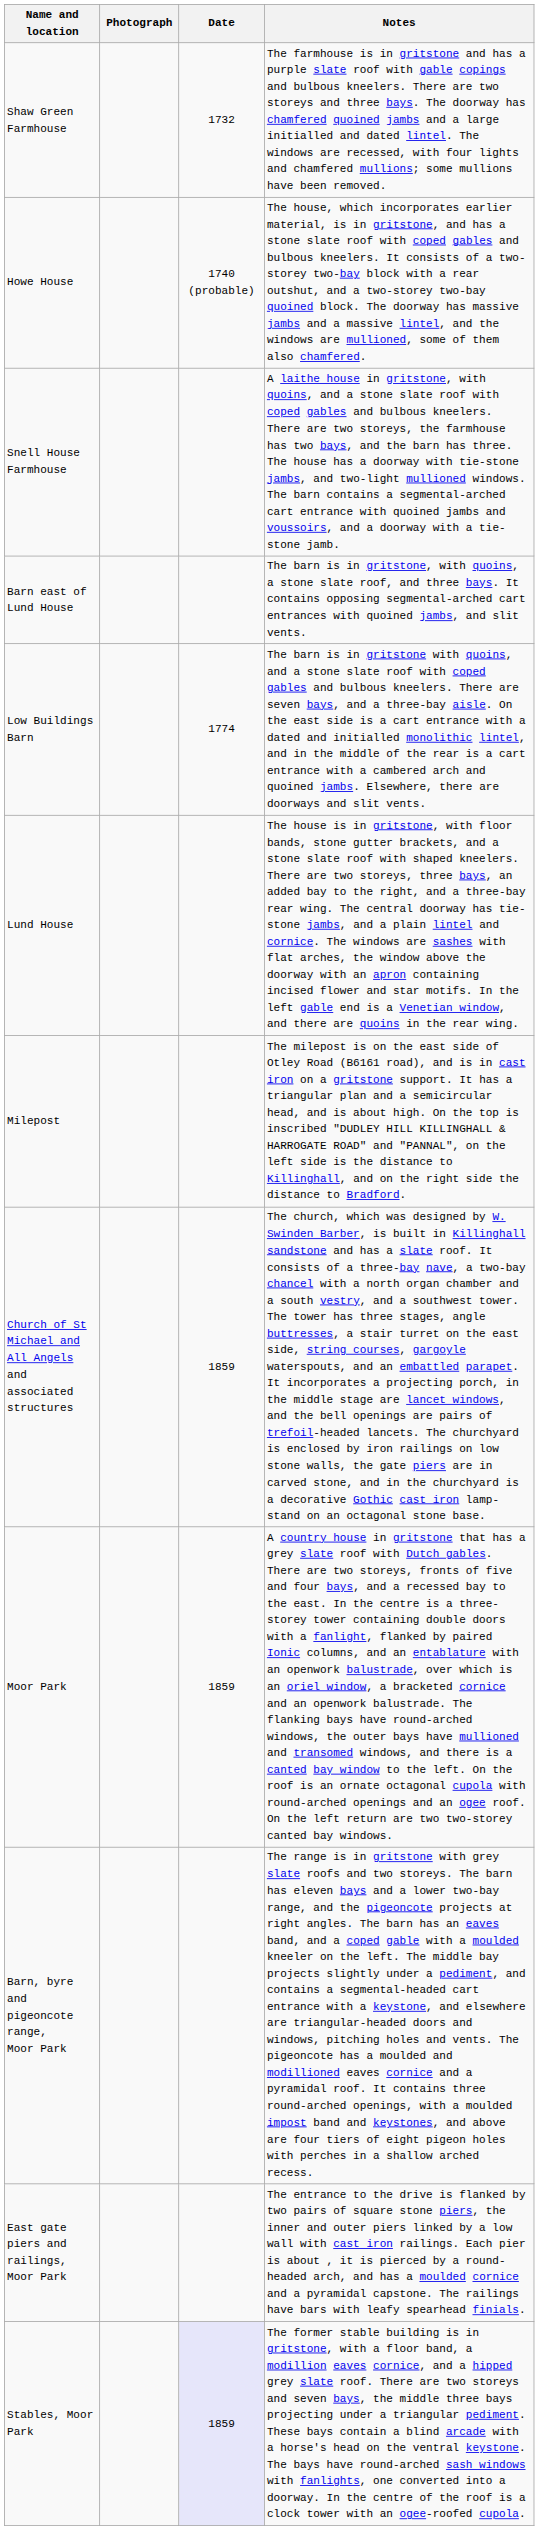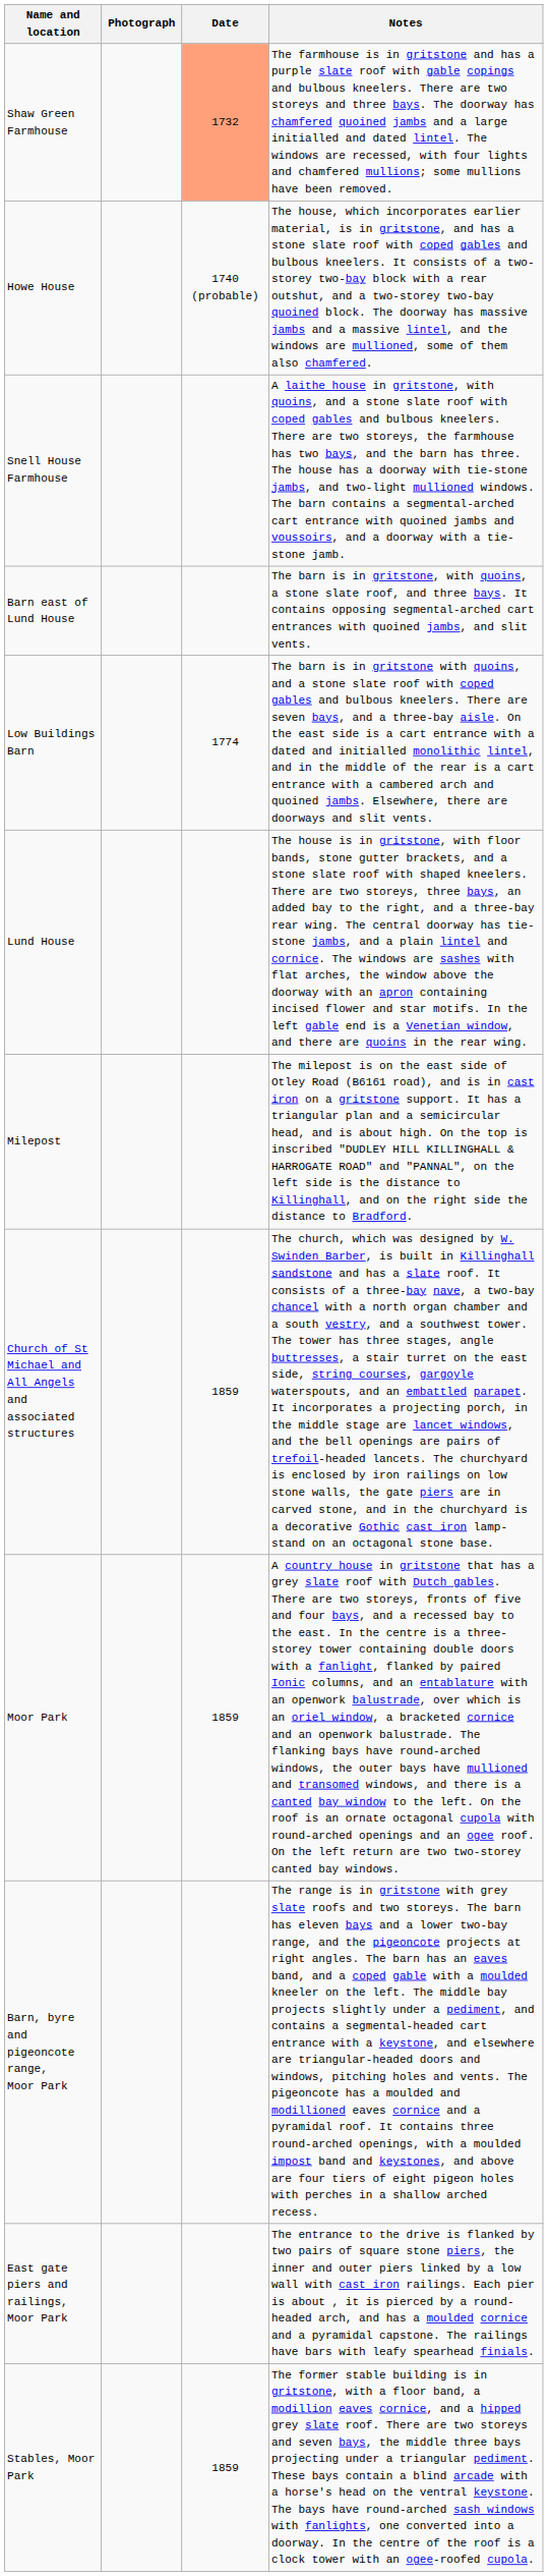 <table class="wikitable sortable plainrowheaders" style="width:100%;border:0px;text-align:left;line-height:150%;">
 <tr>
 <th scope="col"  style="width:150px">Name and location</th>
 <th scope="col"  style="width:100px" class="unsortable">Photograph</th>
 <th scope="col"  style="width:120px">Date</th>
 <th scope="col"  style="width:650px" class="unsortable">Notes</th>
 </tr>
 <tr>
 <td>Shaw Green Farmhouse<br><small></small></td>
 <td></td>
-<td align="center">1732</td>
+<td align="center" style="background: lightsalmon;">1732</td>
 <td>The farmhouse is in <a href='#'>gritstone</a> and has a purple <a href='#'>slate</a> roof with <a href='#'>gable</a> <a href='#'>copings</a> and bulbous kneelers.  There are two storeys and three <a href='#'>bays</a>.  The doorway has <a href='#'>chamfered</a> <a href='#'>quoined</a> <a href='#'>jambs</a> and a large initialled and dated <a href='#'>lintel</a>.  The windows are recessed, with four lights and chamfered <a href='#'>mullions</a>; some mullions have been removed.</td>
 </tr>
 <tr>
 <td>Howe House<br><small></small></td>
 <td></td>
 <td align="center">1740 (probable)</td>
 <td>The house, which incorporates earlier material, is in <a href='#'>gritstone</a>, and has a stone slate roof with <a href='#'>coped</a> <a href='#'>gables</a> and bulbous kneelers.  It consists of a two-storey two-<a href='#'>bay</a> block with a rear outshut, and a two-storey two-bay <a href='#'>quoined</a> block.  The doorway has massive <a href='#'>jambs</a> and a massive <a href='#'>lintel</a>, and the windows are <a href='#'>mullioned</a>, some of them also <a href='#'>chamfered</a>.</td>
 </tr>
 <tr>
 <td>Snell House Farmhouse<br><small></small></td>
 <td></td>
 <td align="center"></td>
 <td>A <a href='#'>laithe house</a> in <a href='#'>gritstone</a>, with <a href='#'>quoins</a>, and a stone slate roof with <a href='#'>coped</a> <a href='#'>gables</a> and bulbous kneelers.  There are two storeys, the farmhouse has two <a href='#'>bays</a>, and the barn has three.  The house has a doorway with tie-stone <a href='#'>jambs</a>, and two-light <a href='#'>mullioned</a> windows.  The barn contains a segmental-arched cart entrance with quoined jambs and <a href='#'>voussoirs</a>, and a doorway with a tie-stone jamb.</td>
 </tr>
 <tr>
 <td>Barn east of Lund House<br><small></small></td>
 <td></td>
 <td align="center"></td>
 <td>The barn is in <a href='#'>gritstone</a>, with <a href='#'>quoins</a>, a stone slate roof, and three <a href='#'>bays</a>.  It contains opposing segmental-arched cart entrances with quoined <a href='#'>jambs</a>, and slit vents.</td>
 </tr>
 <tr>
 <td>Low Buildings Barn<br><small></small></td>
 <td></td>
 <td align="center">1774</td>
 <td>The barn is in <a href='#'>gritstone</a> with <a href='#'>quoins</a>, and a stone slate roof with <a href='#'>coped</a> <a href='#'>gables</a> and bulbous kneelers.  There are seven <a href='#'>bays</a>, and a three-bay <a href='#'>aisle</a>.  On the east side is a cart entrance with a dated and initialled <a href='#'>monolithic</a> <a href='#'>lintel</a>, and in the middle of the rear is a cart entrance with a cambered arch and quoined <a href='#'>jambs</a>.  Elsewhere, there are doorways and slit vents.</td>
 </tr>
 <tr>
 <td>Lund House<br><small></small></td>
 <td></td>
 <td align="center"></td>
 <td>The house is in <a href='#'>gritstone</a>, with floor bands, stone gutter brackets, and a stone slate roof with shaped kneelers.  There are two storeys, three <a href='#'>bays</a>, an added bay to the right, and a three-bay rear wing.  The central doorway has tie-stone <a href='#'>jambs</a>, and a plain <a href='#'>lintel</a> and <a href='#'>cornice</a>.  The windows are <a href='#'>sashes</a> with flat arches, the window above the doorway with an <a href='#'>apron</a> containing incised flower and star motifs.  In the left <a href='#'>gable</a> end is a <a href='#'>Venetian window</a>, and there are <a href='#'>quoins</a> in the rear wing.</td>
 </tr>
 <tr>
 <td>Milepost<br><small></small></td>
 <td></td>
 <td align="center"></td>
 <td>The milepost is on the east side of Otley Road (B6161 road), and is in <a href='#'>cast iron</a> on a <a href='#'>gritstone</a> support.  It has a triangular plan and a semicircular head, and is about  high.  On the top is inscribed "DUDLEY HILL KILLINGHALL & HARROGATE ROAD" and "PANNAL", on the left side is the distance to <a href='#'>Killinghall</a>, and on the right side the distance to <a href='#'>Bradford</a>.</td>
 </tr>
 <tr>
 <td><a href='#'>Church of St Michael and All Angels</a> and associated structures<br><small></small></td>
 <td></td>
 <td align="center">1859</td>
 <td>The church, which was designed by <a href='#'>W. Swinden Barber</a>, is built in <a href='#'>Killinghall</a> <a href='#'>sandstone</a> and has a <a href='#'>slate</a> roof.  It consists of a three-<a href='#'>bay</a> <a href='#'>nave</a>, a two-bay <a href='#'>chancel</a> with a north organ chamber and a south <a href='#'>vestry</a>, and a southwest tower.  The tower has three stages, angle <a href='#'>buttresses</a>, a stair turret on the east side, <a href='#'>string courses</a>, <a href='#'>gargoyle</a> waterspouts, and an <a href='#'>embattled</a> <a href='#'>parapet</a>.  It incorporates a projecting porch, in the middle stage are <a href='#'>lancet windows</a>, and the bell openings are pairs of <a href='#'>trefoil</a>-headed lancets.  The churchyard is enclosed by iron railings on low stone walls, the gate <a href='#'>piers</a> are in carved stone, and in the churchyard is a decorative <a href='#'>Gothic</a> <a href='#'>cast iron</a> lamp-stand on an octagonal stone base.</td>
 </tr>
 <tr>
 <td>Moor Park<br><small></small></td>
 <td></td>
 <td align="center">1859</td>
 <td>A <a href='#'>country house</a> in <a href='#'>gritstone</a> that has a grey <a href='#'>slate</a> roof with <a href='#'>Dutch gables</a>.  There are two storeys, fronts of five and four <a href='#'>bays</a>, and a recessed bay to the east.  In the centre is a three-storey tower containing double doors with a <a href='#'>fanlight</a>, flanked by paired <a href='#'>Ionic</a> columns, and an <a href='#'>entablature</a> with an openwork <a href='#'>balustrade</a>, over which is an <a href='#'>oriel window</a>, a bracketed <a href='#'>cornice</a> and an openwork balustrade.  The flanking bays have round-arched windows, the outer bays have <a href='#'>mullioned</a> and <a href='#'>transomed</a> windows, and there is a <a href='#'>canted</a> <a href='#'>bay window</a> to the left.  On the roof is an ornate octagonal <a href='#'>cupola</a> with round-arched openings and an <a href='#'>ogee</a> roof.  On the left return are two two-storey canted bay windows.</td>
 </tr>
 <tr>
 <td>Barn, byre and pigeoncote range,<br>Moor Park<br><small></small></td>
 <td></td>
 <td align="center"></td>
 <td>The range is in <a href='#'>gritstone</a> with grey <a href='#'>slate</a> roofs and two storeys.  The barn has eleven <a href='#'>bays</a> and a lower two-bay range, and the <a href='#'>pigeoncote</a> projects at right angles.  The barn has an <a href='#'>eaves</a> band, and a <a href='#'>coped</a> <a href='#'>gable</a> with a <a href='#'>moulded</a> kneeler on the left.  The middle bay projects slightly under a <a href='#'>pediment</a>, and contains a segmental-headed cart entrance with a <a href='#'>keystone</a>, and elsewhere are triangular-headed doors and windows, pitching holes and vents.  The pigeoncote has a moulded and <a href='#'>modillioned</a> eaves <a href='#'>cornice</a> and a pyramidal roof.  It contains three round-arched openings, with a moulded <a href='#'>impost</a> band and <a href='#'>keystones</a>, and above are four tiers of eight pigeon holes with perches in a shallow arched recess.</td>
 </tr>
 <tr>
 <td>East gate piers and railings, Moor Park<br><small></small></td>
 <td></td>
 <td align="center"></td>
 <td>The entrance to the drive is flanked by two pairs of square stone <a href='#'>piers</a>, the inner and outer piers linked by a low wall with <a href='#'>cast iron</a> railings.  Each pier is about , it is pierced by a round-headed arch, and has a <a href='#'>moulded</a> <a href='#'>cornice</a> and a pyramidal capstone.  The railings have bars with leafy spearhead <a href='#'>finials</a>.</td>
 </tr>
 <tr>
 <td>Stables, Moor Park<br><small></small></td>
 <td></td>
-<td align="center" style="background: lavender;">1859</td>
+<td align="center">1859</td>
 <td>The former stable building is in <a href='#'>gritstone</a>, with a floor band, a <a href='#'>modillion</a> <a href='#'>eaves</a> <a href='#'>cornice</a>, and a <a href='#'>hipped</a> grey <a href='#'>slate</a> roof.  There are two storeys and seven <a href='#'>bays</a>, the middle three bays projecting under a triangular <a href='#'>pediment</a>.  These bays contain a blind <a href='#'>arcade</a> with a horse's head on the ventral <a href='#'>keystone</a>. The bays have round-arched <a href='#'>sash windows</a> with <a href='#'>fanlights</a>, one converted into a doorway.  In the centre of the roof is a clock tower with an <a href='#'>ogee</a>-roofed <a href='#'>cupola</a>.</td>
 </tr>
 <tr>
 </tr>
 </table>
